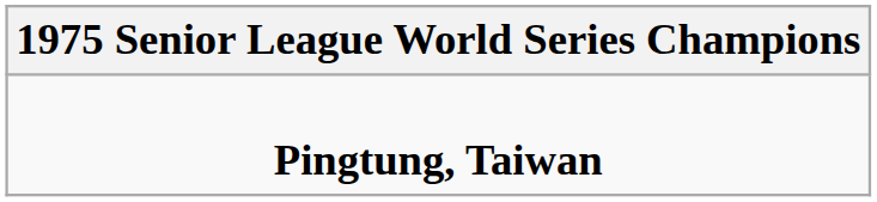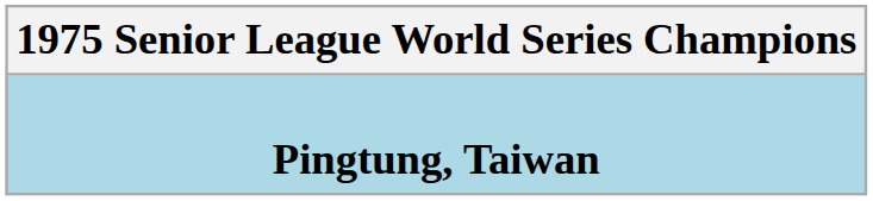 <table class="wikitable" style="text-align: center; margin: 0 auto;">
 <tr>
 <th>1975 Senior League World Series Champions</th>
 </tr>
 <tr>
-<td><br><strong>Pingtung, Taiwan</strong></td>
+<td style="background: lightblue;"><br><strong>Pingtung, Taiwan</strong></td>
 </tr>
 </table>
